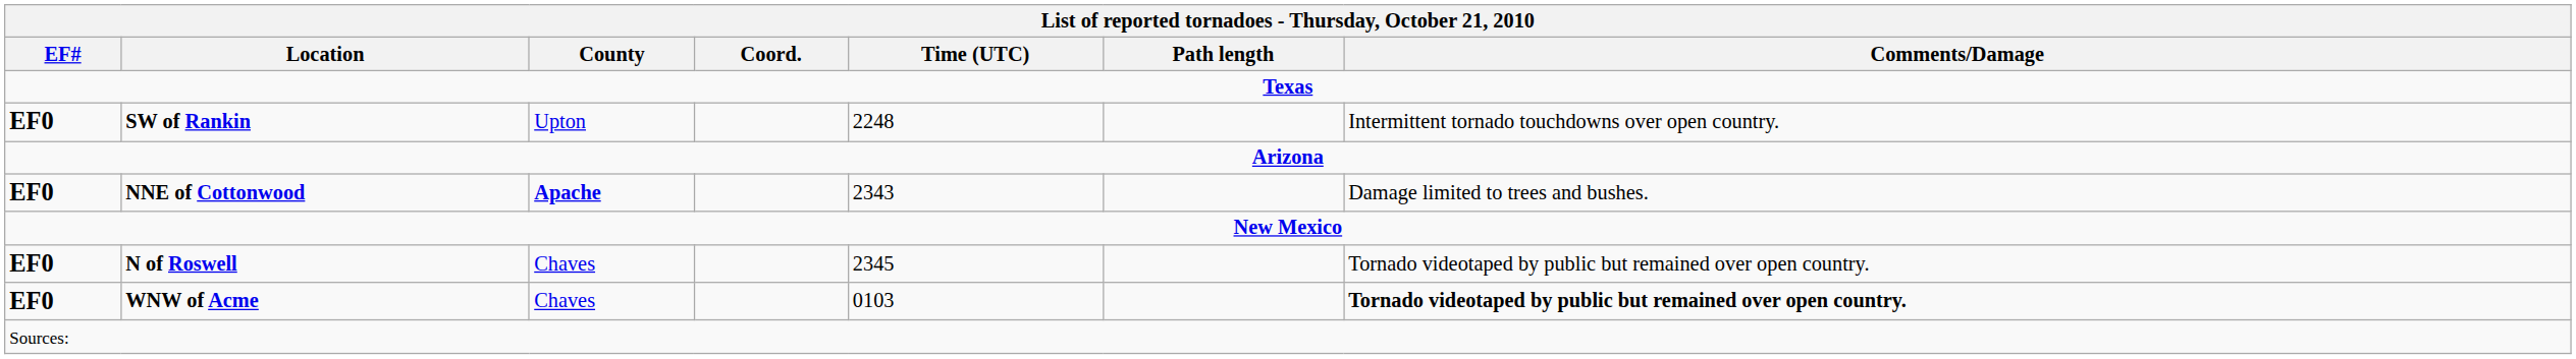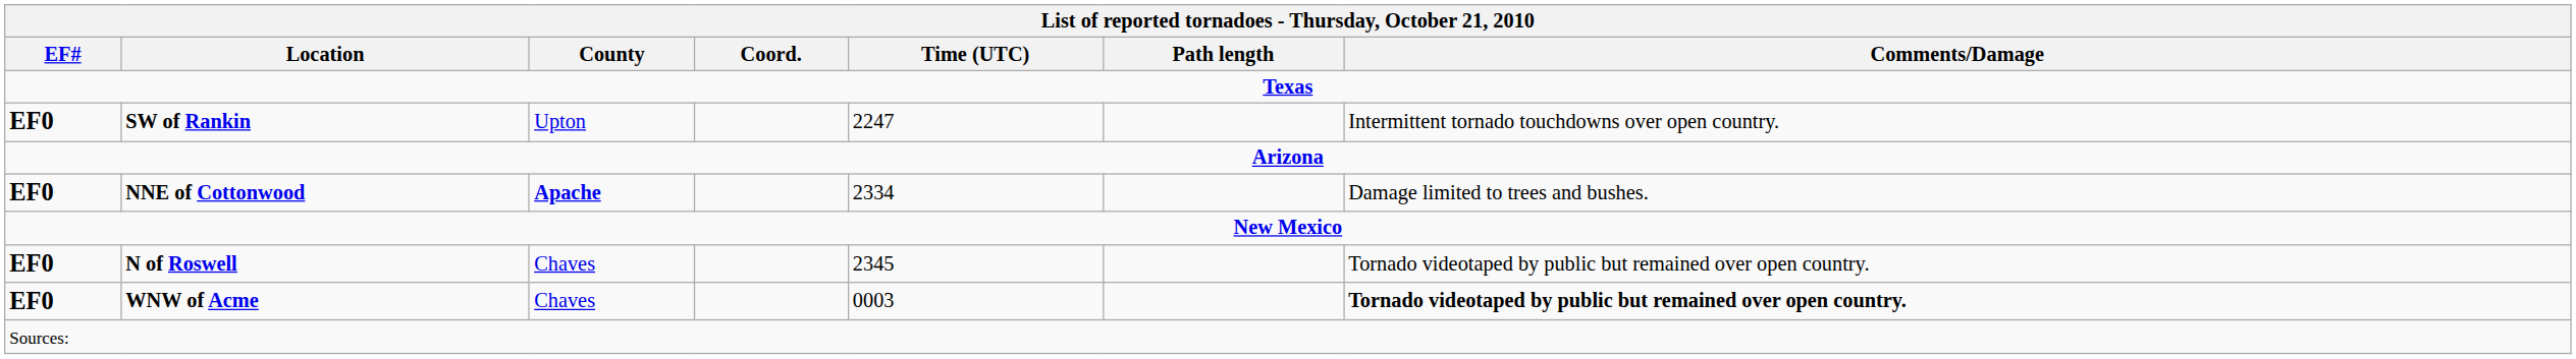 <table class="wikitable collapsible" width="100%">
 <tr>
 <th colspan="7">List of reported tornadoes - Thursday, October 21, 2010</th>
 </tr>
 <tr>
 <th><a href='#'>EF#</a></th>
 <th>Location</th>
 <th>County</th>
 <th>Coord.</th>
 <th>Time (UTC)</th>
 <th>Path length</th>
 <th>Comments/Damage</th>
 </tr>
 <tr>
 <td colspan="7" align=center><strong><a href='#'>Texas</a></strong></td>
 </tr>
 <tr>
 <td><big><strong>EF0</strong></big></td>
 <td><strong>SW of <a href='#'>Rankin</a></strong></td>
 <td><a href='#'>Upton</a></td>
 <td></td>
-<td>2248</td>
+<td>2247</td>
 <td></td>
 <td>Intermittent tornado touchdowns over open country.</td>
 </tr>
 <tr>
 <td colspan="7" align=center><strong><a href='#'>Arizona</a></strong></td>
 </tr>
 <tr>
 <td><big><strong>EF0</strong></big></td>
 <td><strong>NNE of <a href='#'>Cottonwood</a></strong></td>
 <td><strong><a href='#'>Apache</a></strong></td>
 <td></td>
-<td>2343</td>
+<td>2334</td>
 <td></td>
 <td>Damage limited to trees and bushes.</td>
 </tr>
 <tr>
 <td colspan="7" align=center><strong><a href='#'>New Mexico</a></strong></td>
 </tr>
 <tr>
 <td><big><strong>EF0</strong></big></td>
 <td><strong>N of <a href='#'>Roswell</a></strong></td>
 <td><a href='#'>Chaves</a></td>
 <td></td>
 <td>2345</td>
 <td></td>
 <td>Tornado videotaped by public but remained over open country.</td>
 </tr>
 <tr>
 <td><big><strong>EF0</strong></big></td>
 <td><strong>WNW of <a href='#'>Acme</a></strong></td>
 <td><a href='#'>Chaves</a></td>
 <td></td>
-<td>0103</td>
+<td>0003</td>
 <td></td>
 <td><strong>Tornado videotaped by public but remained over open country.</strong></td>
 </tr>
 <tr>
 <td colspan="7"><small>Sources: </small></td>
 </tr>
 </table>
